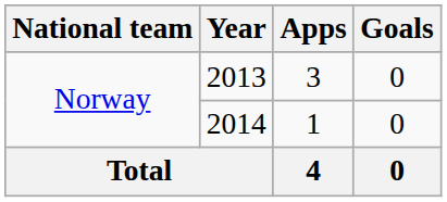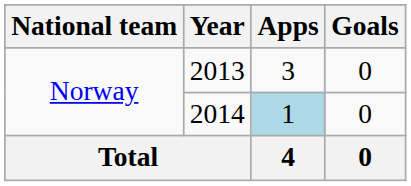 <table class="wikitable" style="text-align: center;">
 <tr>
 <th>National team</th>
 <th>Year</th>
 <th>Apps</th>
 <th>Goals</th>
 </tr>
 <tr>
 <td rowspan=2><a href='#'>Norway</a></td>
 <td>2013</td>
 <td>3</td>
 <td>0</td>
 </tr>
 <tr>
 <td>2014</td>
-<td>1</td>
+<td style="background: lightblue;">1</td>
 <td>0</td>
 </tr>
 <tr>
 <th colspan=2>Total</th>
 <th>4</th>
 <th>0</th>
 </tr>
 </table>
